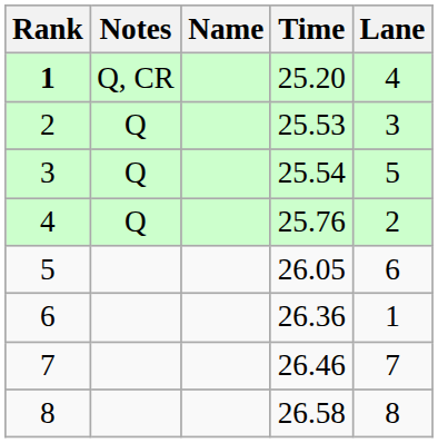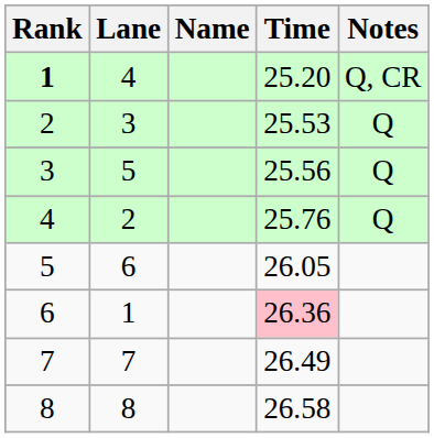 <table class="wikitable sortable" style="text-align:center">
 <tr>
 <th>Rank</th>
-<th>Notes</th>
+<th>Lane</th>
 <th>Name</th>
 <th>Time</th>
-<th>Lane</th>
+<th>Notes</th>
 </tr>
 <tr bgcolor=ccffcc>
 <td><strong>1</strong></td>
-<td>Q, CR</td>
+<td>4</td>
 <td align=left></td>
 <td>25.20</td>
-<td>4</td>
+<td>Q, CR</td>
 </tr>
 <tr bgcolor=ccffcc>
 <td>2</td>
-<td>Q</td>
+<td>3</td>
 <td align=left></td>
 <td>25.53</td>
-<td>3</td>
+<td>Q</td>
 </tr>
 <tr bgcolor=ccffcc>
 <td>3</td>
+<td>5</td>
+<td align=left></td>
+<td>25.56</td>
 <td>Q</td>
-<td align=left></td>
-<td>25.54</td>
-<td>5</td>
 </tr>
 <tr bgcolor=ccffcc>
 <td>4</td>
-<td>Q</td>
+<td>2</td>
 <td align=left></td>
 <td>25.76</td>
-<td>2</td>
+<td>Q</td>
 </tr>
 <tr>
 <td>5</td>
-<td></td>
+<td>6</td>
 <td align=left></td>
 <td>26.05</td>
-<td>6</td>
+<td></td>
 </tr>
 <tr>
 <td>6</td>
+<td>1</td>
+<td align=left></td>
+<td style="background: pink;">26.36</td>
 <td></td>
-<td align=left></td>
-<td>26.36</td>
-<td>1</td>
 </tr>
 <tr>
 <td>7</td>
+<td>7</td>
+<td align=left></td>
+<td>26.49</td>
 <td></td>
-<td align=left></td>
-<td>26.46</td>
-<td>7</td>
 </tr>
 <tr>
 <td>8</td>
-<td></td>
+<td>8</td>
 <td align=left></td>
 <td>26.58</td>
-<td>8</td>
+<td></td>
 </tr>
 </table>
